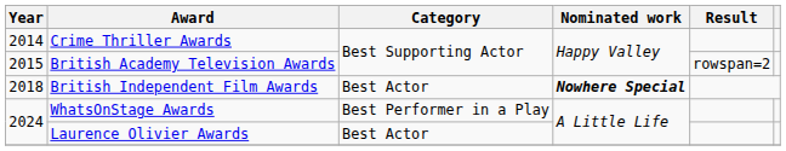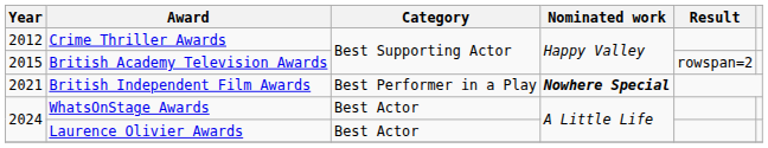 <table class="wikitable sortable">
 <tr>
 <th>Year</th>
 <th>Award</th>
 <th>Category</th>
 <th>Nominated work</th>
 <th>Result</th>
 <th></th>
 </tr>
 <tr>
-<td>2014</td>
+<td>2012</td>
 <td><a href='#'>Crime Thriller Awards</a></td>
 <td rowspan=2>Best Supporting Actor</td>
 <td rowspan=2><em>Happy Valley</em></td>
 <td></td>
 <td></td>
 </tr>
 <tr>
 <td>2015</td>
 <td><a href='#'>British Academy Television Awards</a></td>
 <td>rowspan=2 </td>
 <td></td>
 </tr>
 <tr>
-<td>2018</td>
+<td>2021</td>
 <td><a href='#'>British Independent Film Awards</a></td>
-<td>Best Actor</td>
+<td>Best Performer in a Play</td>
 <td><strong><em>Nowhere Special </em></strong></td>
 </tr>
 <tr>
 <td rowspan=2>2024</td>
 <td><a href='#'>WhatsOnStage Awards</a></td>
-<td>Best Performer in a Play</td>
+<td>Best Actor</td>
 <td rowspan=2><em>A Little Life</em></td>
 <td></td>
 <td></td>
 </tr>
 <tr>
 <td><a href='#'>Laurence Olivier Awards</a></td>
 <td>Best Actor</td>
 <td></td>
 <td></td>
 </tr>
 <tr>
 </tr>
 </table>
